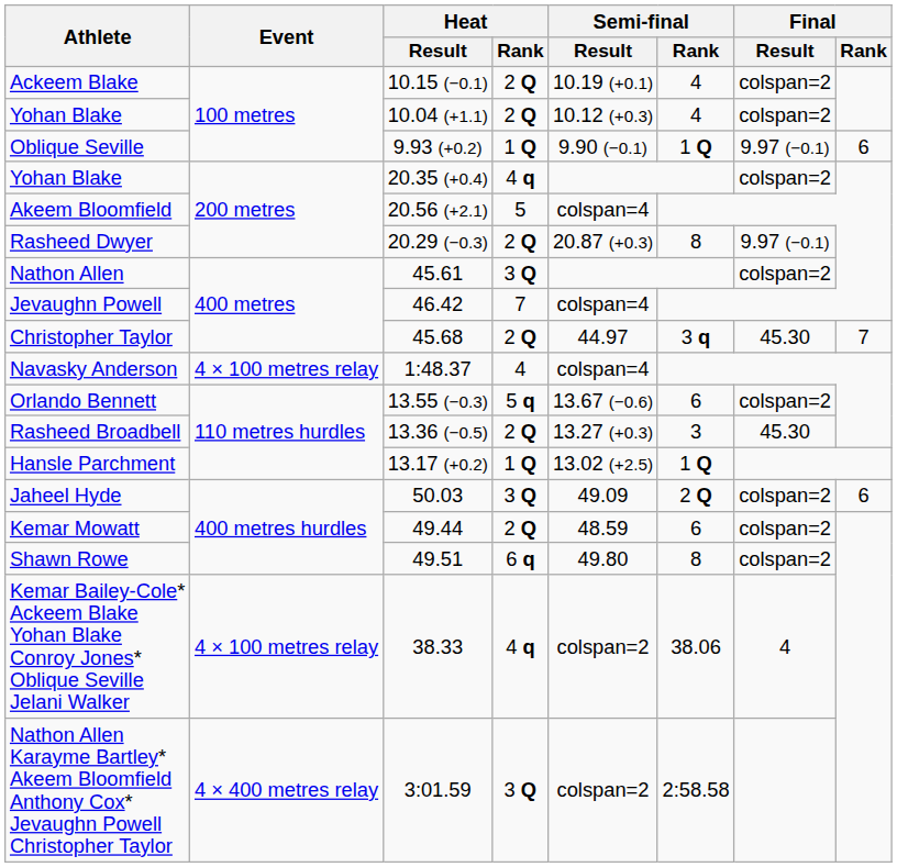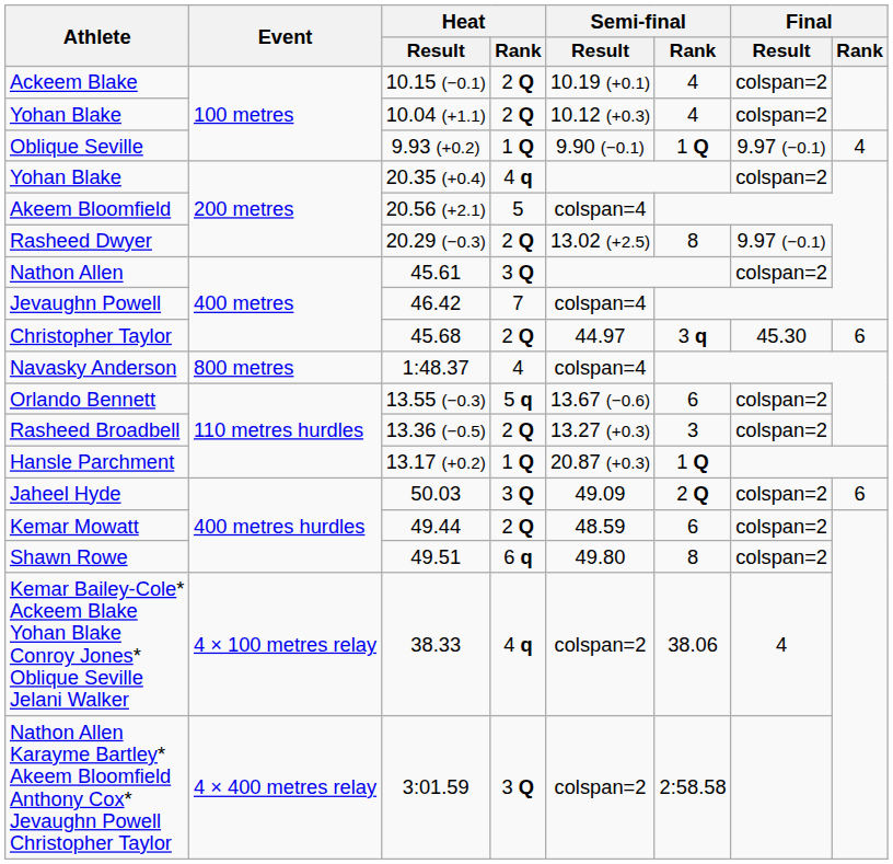 <table class="wikitable" style="font-size:90%">
 <tr>
 <th rowspan="2">Athlete</th>
 <th rowspan="2">Event</th>
 <th colspan="2">Heat</th>
 <th colspan="2">Semi-final</th>
 <th colspan="2">Final</th>
 </tr>
 <tr style="font-size:95%">
 <th>Result</th>
 <th>Rank</th>
 <th>Result</th>
 <th>Rank</th>
 <th>Result</th>
 <th>Rank</th>
 </tr>
 <tr align=center>
 <td align=left><a href='#'>Ackeem Blake</a></td>
 <td align=left rowspan=3><a href='#'>100 metres</a></td>
 <td>10.15 <small>(−0.1)</small></td>
 <td>2 <strong>Q</strong></td>
 <td>10.19 <small>(+0.1)</small></td>
 <td>4</td>
 <td>colspan=2 </td>
 </tr>
 <tr align=center>
 <td align=left><a href='#'>Yohan Blake</a></td>
 <td>10.04 <small>(+1.1)</small></td>
 <td>2 <strong>Q</strong></td>
 <td>10.12 <small>(+0.3)</small></td>
 <td>4</td>
 <td>colspan=2 </td>
 </tr>
 <tr align=center>
 <td align=left><a href='#'>Oblique Seville</a></td>
 <td>9.93 <small>(+0.2)</small></td>
 <td>1 <strong>Q</strong></td>
 <td>9.90 <small>(−0.1)</small></td>
 <td>1 <strong>Q</strong></td>
 <td>9.97 <small>(−0.1)</small></td>
-<td>6</td>
+<td>4</td>
 </tr>
 <tr align=center>
 <td align=left><a href='#'>Yohan Blake</a></td>
 <td align=left rowspan=3><a href='#'>200 metres</a></td>
 <td>20.35 <small>(+0.4)</small></td>
 <td>4 <strong>q</strong></td>
 <td colspan=2></td>
 <td>colspan=2 </td>
 </tr>
 <tr align=center>
 <td align=left><a href='#'>Akeem Bloomfield</a></td>
 <td>20.56 <small>(+2.1)</small></td>
 <td>5</td>
 <td>colspan=4 </td>
 </tr>
 <tr align=center>
 <td align=left><a href='#'>Rasheed Dwyer</a></td>
 <td>20.29 <small>(−0.3)</small></td>
 <td>2 <strong>Q</strong></td>
-<td>20.87 <small>(+0.3)</small></td>
+<td>13.02 <small>(+2.5)</small></td>
 <td>8</td>
 <td>9.97 <small>(−0.1)</small></td>
 </tr>
 <tr align=center>
 <td align=left><a href='#'>Nathon Allen</a></td>
 <td align=left rowspan=3><a href='#'>400 metres</a></td>
 <td>45.61</td>
 <td>3 <strong>Q</strong></td>
 <td colspan=2></td>
 <td>colspan=2 </td>
 </tr>
 <tr align=center>
 <td align=left><a href='#'>Jevaughn Powell</a></td>
 <td>46.42</td>
 <td>7</td>
 <td>colspan=4 </td>
 </tr>
 <tr align=center>
 <td align=left><a href='#'>Christopher Taylor</a></td>
 <td>45.68</td>
 <td>2 <strong>Q</strong></td>
 <td>44.97 </td>
 <td>3 <strong>q</strong></td>
 <td>45.30</td>
-<td>7</td>
+<td>6</td>
 </tr>
 <tr align=center>
 <td align=left><a href='#'>Navasky Anderson</a></td>
-<td align=left><a href='#'>4 × 100 metres relay</a></td>
+<td align=left><a href='#'>800 metres</a></td>
 <td>1:48.37</td>
 <td>4</td>
 <td>colspan=4 </td>
 </tr>
 <tr align=center>
 <td align=left><a href='#'>Orlando Bennett</a></td>
 <td align=left rowspan=3><a href='#'>110 metres hurdles</a></td>
 <td>13.55 <small>(−0.3)</small></td>
 <td>5 <strong>q</strong></td>
 <td>13.67 <small>(−0.6)</small></td>
 <td>6</td>
 <td>colspan=2 </td>
 </tr>
 <tr align=center>
 <td align=left><a href='#'>Rasheed Broadbell</a></td>
 <td>13.36 <small>(−0.5)</small></td>
 <td>2 <strong>Q</strong></td>
 <td>13.27 <small>(+0.3)</small></td>
 <td>3</td>
-<td>45.30</td>
+<td>colspan=2 </td>
 </tr>
 <tr align=center>
 <td align=left><a href='#'>Hansle Parchment</a></td>
 <td>13.17 <small>(+0.2)</small></td>
 <td>1 <strong>Q</strong></td>
-<td>13.02 <small>(+2.5)</small></td>
+<td>20.87 <small>(+0.3)</small></td>
 <td>1 <strong>Q</strong></td>
 <td colspan=2></td>
 </tr>
 <tr align=center>
 <td align=left><a href='#'>Jaheel Hyde</a></td>
 <td align=left rowspan=3><a href='#'>400 metres hurdles</a></td>
 <td>50.03</td>
 <td>3 <strong>Q</strong></td>
 <td>49.09</td>
 <td>2 <strong>Q</strong></td>
 <td>colspan=2 </td>
 <td>6</td>
 </tr>
 <tr align=center>
 <td align=left><a href='#'>Kemar Mowatt</a></td>
 <td>49.44</td>
 <td>2 <strong>Q</strong></td>
 <td>48.59</td>
 <td>6</td>
 <td>colspan=2 </td>
 </tr>
 <tr align=center>
 <td align=left><a href='#'>Shawn Rowe</a></td>
 <td>49.51</td>
 <td>6 <strong>q</strong></td>
 <td>49.80</td>
 <td>8</td>
 <td>colspan=2 </td>
 </tr>
 <tr align=center>
 <td align=left><a href='#'>Kemar Bailey-Cole</a>*<br><a href='#'>Ackeem Blake</a><br><a href='#'>Yohan Blake</a><br><a href='#'>Conroy Jones</a>*<br><a href='#'>Oblique Seville</a><br><a href='#'>Jelani Walker</a></td>
 <td align=left><a href='#'>4 × 100 metres relay</a></td>
 <td>38.33 </td>
 <td>4 <strong>q</strong></td>
 <td>colspan=2 </td>
 <td>38.06 </td>
 <td>4</td>
 </tr>
 <tr align=center>
 <td align=left><a href='#'>Nathon Allen</a><br><a href='#'>Karayme Bartley</a>*<br><a href='#'>Akeem Bloomfield</a><br><a href='#'>Anthony Cox</a>*<br><a href='#'>Jevaughn Powell</a><br><a href='#'>Christopher Taylor</a></td>
 <td align=left><a href='#'>4 × 400 metres relay</a></td>
 <td>3:01.59 </td>
 <td>3 <strong>Q</strong></td>
 <td>colspan=2 </td>
 <td>2:58.58 </td>
 <td></td>
 </tr>
 </table>
